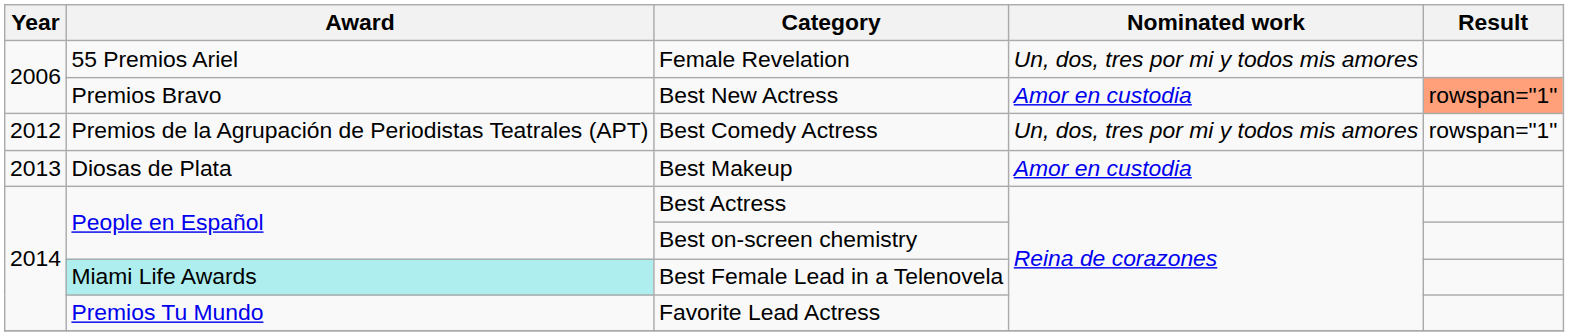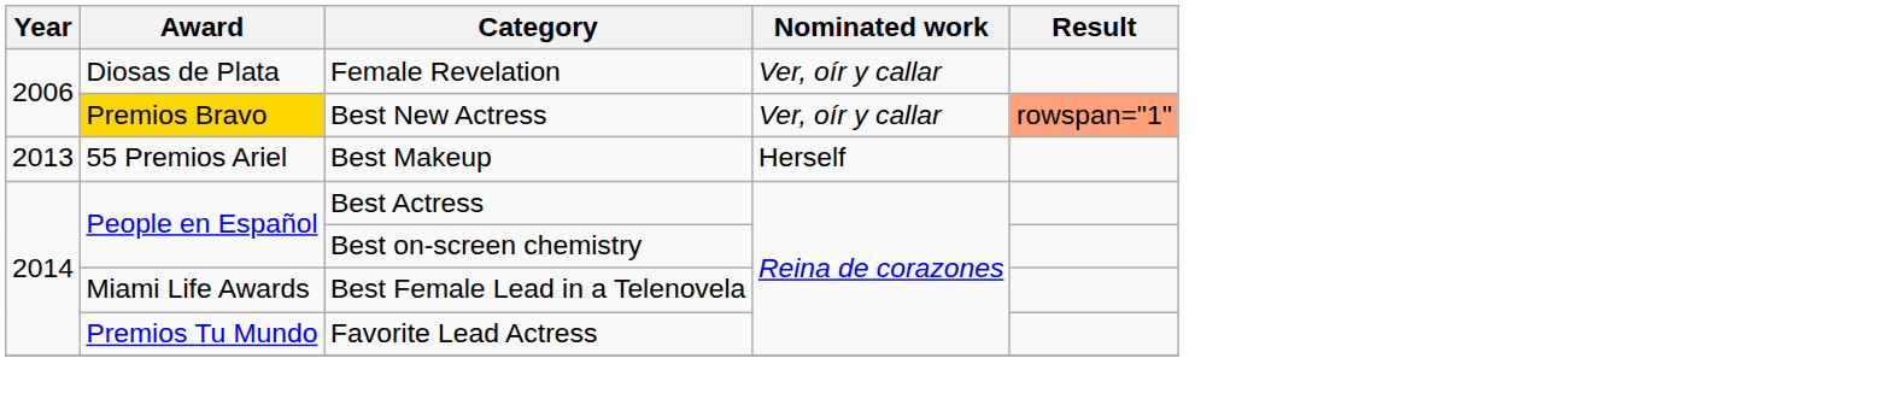 <table class="wikitable">
 <tr>
 <th>Year</th>
 <th>Award</th>
 <th>Category</th>
 <th class="unsortable">Nominated work</th>
 <th>Result</th>
 </tr>
 <tr>
 <td rowspan="2">2006</td>
-<td rowspan="1">55 Premios Ariel</td>
+<td rowspan="1">Diosas de Plata</td>
 <td>Female Revelation</td>
-<td rowspan="1"><em>Un, dos, tres por mi y todos mis amores</em></td>
+<td rowspan="1"><em>Ver, oír y callar</em></td>
 <td></td>
 </tr>
 <tr>
-<td rowspan="1">Premios Bravo</td>
+<td rowspan="1" style="background: gold;">Premios Bravo</td>
 <td>Best New Actress</td>
-<td rowspan="1"><em><a href='#'>Amor en custodia</a></em></td>
+<td rowspan="1"><em>Ver, oír y callar</em></td>
 <td style="background: lightsalmon;">rowspan="1" </td>
 </tr>
 <tr>
-<td rowspan="1">2012</td>
-<td rowspan="1">Premios de la Agrupación de Periodistas Teatrales (APT)</td>
-<td>Best Comedy Actress</td>
-<td rowspan="1"><em>Un, dos, tres por mi y todos mis amores</em></td>
-<td>rowspan="1" </td>
-</tr>
-<tr>
 <td rowspan="1">2013</td>
-<td rowspan="1">Diosas de Plata</td>
+<td rowspan="1">55 Premios Ariel</td>
 <td>Best Makeup</td>
-<td rowspan="1"><em><a href='#'>Amor en custodia</a></em></td>
+<td rowspan="1">Herself</td>
 <td></td>
 </tr>
 <tr>
 <td rowspan="4">2014</td>
 <td rowspan="2"><a href='#'>People en Español</a></td>
 <td>Best Actress</td>
 <td rowspan="4"><em><a href='#'>Reina de corazones</a></em></td>
 <td></td>
 </tr>
 <tr>
 <td>Best on-screen chemistry</td>
 <td></td>
 </tr>
 <tr>
-<td style="background: paleturquoise;">Miami Life Awards</td>
+<td>Miami Life Awards</td>
 <td>Best Female Lead in a Telenovela</td>
 <td></td>
 </tr>
 <tr>
 <td><a href='#'>Premios Tu Mundo</a></td>
 <td>Favorite Lead Actress</td>
 <td></td>
 </tr>
 <tr>
 </tr>
 </table>
